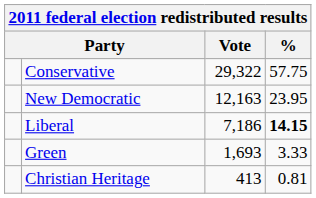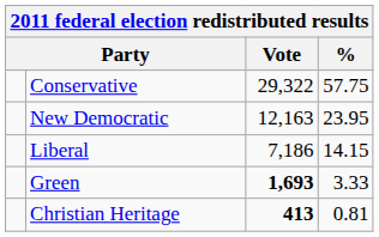 <table class="wikitable">
 <tr>
 <th colspan="4"><a href='#'>2011 federal election</a> redistributed results</th>
 </tr>
 <tr>
 <th bgcolor="#DDDDFF" width="130px" colspan="2">Party</th>
 <th bgcolor="#DDDDFF" width="50px">Vote</th>
 <th bgcolor="#DDDDFF" width="30px">%</th>
 </tr>
 <tr>
 <td> </td>
 <td><a href='#'>Conservative</a></td>
 <td align=right>29,322</td>
 <td align=right>57.75</td>
 </tr>
 <tr>
 <td> </td>
 <td><a href='#'>New Democratic</a></td>
 <td align=right>12,163</td>
 <td align=right>23.95</td>
 </tr>
 <tr>
 <td> </td>
 <td><a href='#'>Liberal</a></td>
 <td align=right>7,186</td>
-<td align=right><strong>14.15</strong></td>
+<td align=right>14.15</td>
 </tr>
 <tr>
 <td> </td>
 <td><a href='#'>Green</a></td>
-<td align=right>1,693</td>
+<td align=right><strong>1,693</strong></td>
 <td align=right>3.33</td>
 </tr>
 <tr>
 <td> </td>
 <td><a href='#'>Christian Heritage</a></td>
-<td align=right>413</td>
+<td align=right><strong>413</strong></td>
 <td align=right>0.81</td>
 </tr>
 </table>
